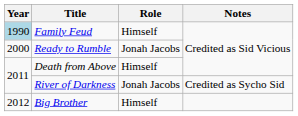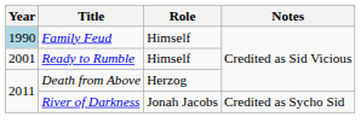 <table class="wikitable" style="float: centre; margin-centre: 0; margin-centre: 1em;">
 <tr>
 <th>Year</th>
 <th>Title</th>
 <th>Role</th>
 <th>Notes</th>
 </tr>
 <tr>
 <td style="background: lightblue;">1990</td>
 <td><em><a href='#'>Family Feud</a></em></td>
 <td>Himself</td>
 <td rowspan="3">Credited as Sid Vicious</td>
 </tr>
 <tr>
-<td>2000</td>
+<td>2001</td>
 <td><em><a href='#'>Ready to Rumble</a></em></td>
-<td>Jonah Jacobs</td>
+<td>Himself</td>
 </tr>
 <tr>
 <td rowspan=2>2011</td>
 <td><em>Death from Above</em></td>
-<td>Himself</td>
+<td>Herzog</td>
 </tr>
 <tr>
 <td><em><a href='#'>River of Darkness</a></em></td>
 <td>Jonah Jacobs</td>
 <td>Credited as Sycho Sid</td>
 </tr>
-<tr>
-<td>2012</td>
-<td><em><a href='#'>Big Brother</a></em></td>
-<td>Himself</td>
-<td></td>
-</tr>
 </table>
